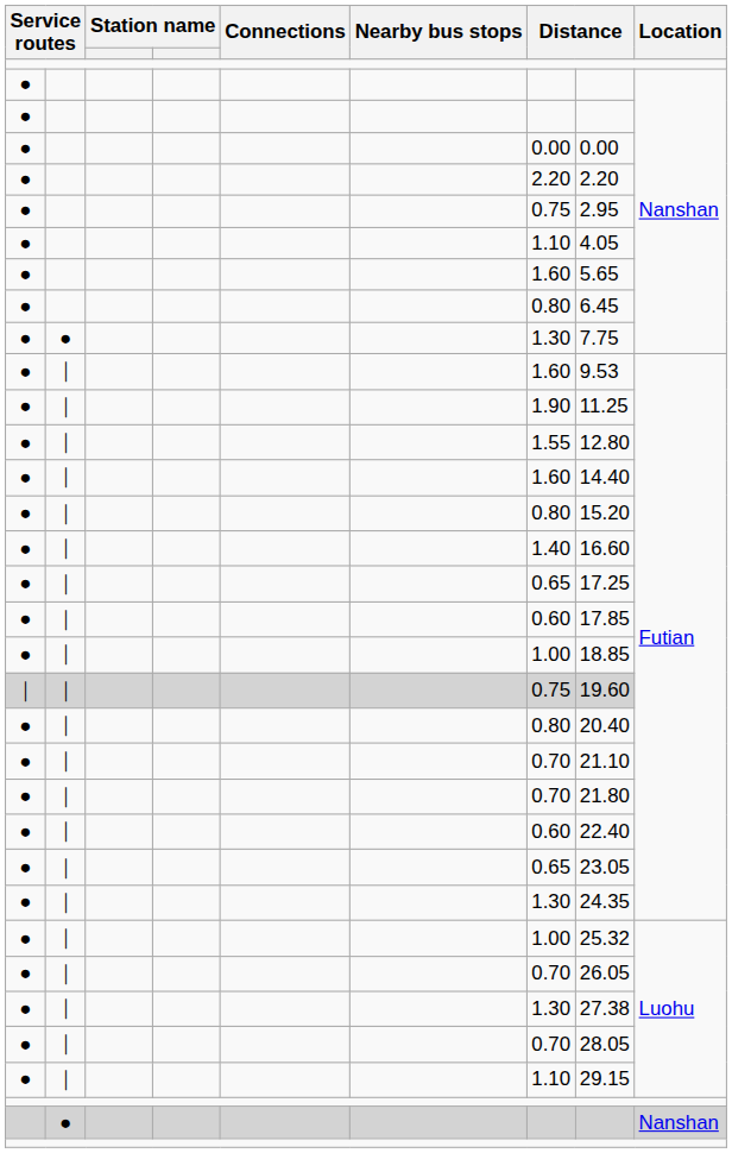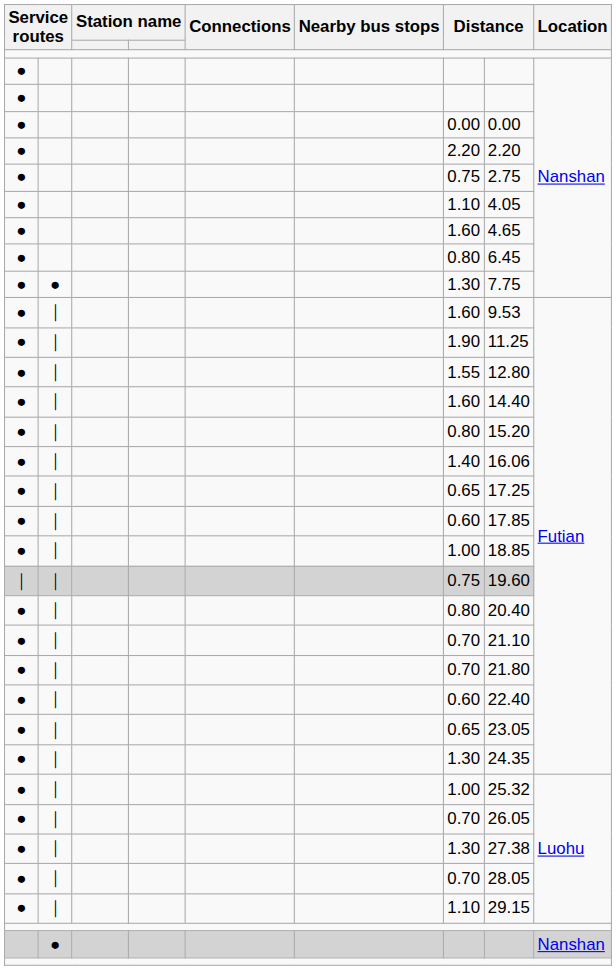 <table class="wikitable">
 <tr>
 <th rowspan="2" colspan="2">Service<br>routes</th>
 <th colspan="2">Station name</th>
 <th rowspan="2">Connections</th>
 <th rowspan="2">Nearby bus stops</th>
 <th colspan="2" rowspan="2">Distance<br></th>
 <th rowspan="2">Location</th>
 </tr>
 <tr>
 <th></th>
 <th></th>
 </tr>
 <tr style="background:#">
 <td colspan="9"></td>
 </tr>
 <tr>
 <td align="center">●</td>
 <td align="center"></td>
 <td></td>
 <td></td>
 <td></td>
 <td></td>
 <td></td>
 <td></td>
 <td rowspan="9"><a href='#'>Nanshan</a></td>
 </tr>
 <tr>
 <td align="center">●</td>
 <td align="center"></td>
 <td></td>
 <td></td>
 <td></td>
 <td></td>
 <td></td>
 <td></td>
 </tr>
 <tr>
 <td align="center">●</td>
 <td align="center"></td>
 <td></td>
 <td></td>
 <td></td>
 <td></td>
 <td>0.00</td>
 <td>0.00</td>
 </tr>
 <tr>
 <td align="center">●</td>
 <td align="center"></td>
 <td></td>
 <td></td>
 <td></td>
 <td></td>
 <td>2.20</td>
 <td>2.20</td>
 </tr>
 <tr>
 <td align="center">●</td>
 <td align="center"></td>
 <td></td>
 <td></td>
 <td></td>
 <td></td>
 <td>0.75</td>
-<td>2.95</td>
+<td>2.75</td>
 </tr>
 <tr>
 <td align="center">●</td>
 <td align="center"></td>
 <td></td>
 <td></td>
 <td></td>
 <td></td>
 <td>1.10</td>
 <td>4.05</td>
 </tr>
 <tr>
 <td align="center">●</td>
 <td align="center"></td>
 <td></td>
 <td></td>
 <td></td>
 <td></td>
 <td>1.60</td>
-<td>5.65</td>
+<td>4.65</td>
 </tr>
 <tr>
 <td align="center">●</td>
 <td align="center"></td>
 <td></td>
 <td></td>
 <td></td>
 <td></td>
 <td>0.80</td>
 <td>6.45</td>
 </tr>
 <tr>
 <td align="center">●</td>
 <td align="center">●</td>
 <td></td>
 <td></td>
 <td></td>
 <td></td>
 <td>1.30</td>
 <td>7.75</td>
 </tr>
 <tr>
 <td align="center">●</td>
 <td align="center">｜</td>
 <td></td>
 <td></td>
 <td></td>
 <td></td>
 <td>1.60</td>
 <td>9.53</td>
 <td rowspan="16"><a href='#'>Futian</a></td>
 </tr>
 <tr>
 <td align="center">●</td>
 <td align="center">｜</td>
 <td></td>
 <td></td>
 <td></td>
 <td></td>
 <td>1.90</td>
 <td>11.25</td>
 </tr>
 <tr>
 <td align="center">●</td>
 <td align="center">｜</td>
 <td></td>
 <td></td>
 <td>  </td>
 <td></td>
 <td>1.55</td>
 <td>12.80</td>
 </tr>
 <tr>
 <td align="center">●</td>
 <td align="center">｜</td>
 <td></td>
 <td></td>
 <td></td>
 <td></td>
 <td>1.60</td>
 <td>14.40</td>
 </tr>
 <tr>
 <td align="center">●</td>
 <td align="center">｜</td>
 <td></td>
 <td></td>
 <td></td>
 <td></td>
 <td>0.80</td>
 <td>15.20</td>
 </tr>
 <tr>
 <td align="center">●</td>
 <td align="center">｜</td>
 <td></td>
 <td></td>
 <td></td>
 <td></td>
 <td>1.40</td>
-<td>16.60</td>
+<td>16.06</td>
 </tr>
 <tr>
 <td align="center">●</td>
 <td align="center">｜</td>
 <td></td>
 <td></td>
 <td></td>
 <td></td>
 <td>0.65</td>
 <td>17.25</td>
 </tr>
 <tr>
 <td align="center">●</td>
 <td align="center">｜</td>
 <td></td>
 <td></td>
 <td> </td>
 <td></td>
 <td>0.60</td>
 <td>17.85</td>
 </tr>
 <tr>
 <td align="center">●</td>
 <td align="center">｜</td>
 <td></td>
 <td></td>
 <td></td>
 <td></td>
 <td>1.00</td>
 <td>18.85</td>
 </tr>
 <tr bgcolor="lightgrey">
 <td align="center">｜</td>
 <td align="center">｜</td>
 <td><em></em></td>
 <td></td>
 <td></td>
 <td></td>
 <td>0.75</td>
 <td>19.60</td>
 </tr>
 <tr>
 <td align="center">●</td>
 <td align="center">｜</td>
 <td></td>
 <td></td>
 <td></td>
 <td></td>
 <td>0.80</td>
 <td>20.40</td>
 </tr>
 <tr>
 <td align="center">●</td>
 <td align="center">｜</td>
 <td></td>
 <td></td>
 <td></td>
 <td></td>
 <td>0.70</td>
 <td>21.10</td>
 </tr>
 <tr>
 <td align="center">●</td>
 <td align="center">｜</td>
 <td></td>
 <td></td>
 <td></td>
 <td></td>
 <td>0.70</td>
 <td>21.80</td>
 </tr>
 <tr>
 <td align="center">●</td>
 <td align="center">｜</td>
 <td></td>
 <td></td>
 <td></td>
 <td></td>
 <td>0.60</td>
 <td>22.40</td>
 </tr>
 <tr>
 <td align="center">●</td>
 <td align="center">｜</td>
 <td></td>
 <td></td>
 <td></td>
 <td></td>
 <td>0.65</td>
 <td>23.05</td>
 </tr>
 <tr>
 <td align="center">●</td>
 <td align="center">｜</td>
 <td></td>
 <td></td>
 <td></td>
 <td></td>
 <td>1.30</td>
 <td>24.35</td>
 </tr>
 <tr>
 <td align="center">●</td>
 <td align="center">｜</td>
 <td></td>
 <td></td>
 <td></td>
 <td></td>
 <td>1.00</td>
 <td>25.32</td>
 <td rowspan="5"><a href='#'>Luohu</a></td>
 </tr>
 <tr>
 <td align="center">●</td>
 <td align="center">｜</td>
 <td></td>
 <td></td>
 <td></td>
 <td></td>
 <td>0.70</td>
 <td>26.05</td>
 </tr>
 <tr>
 <td align="center">●</td>
 <td align="center">｜</td>
 <td></td>
 <td></td>
 <td></td>
 <td></td>
 <td>1.30</td>
 <td>27.38</td>
 </tr>
 <tr>
 <td align="center">●</td>
 <td align="center">｜</td>
 <td></td>
 <td></td>
 <td></td>
 <td></td>
 <td>0.70</td>
 <td>28.05</td>
 </tr>
 <tr>
 <td align="center">●</td>
 <td align="center">｜</td>
 <td></td>
 <td></td>
 <td></td>
 <td></td>
 <td>1.10</td>
 <td>29.15</td>
 </tr>
 <tr style="background:#">
 <td colspan="9"></td>
 </tr>
 <tr bgcolor="lightgrey">
 <td align="center"></td>
 <td align="center">●</td>
 <td></td>
 <td></td>
 <td align="center"></td>
 <td align="center"></td>
 <td></td>
 <td></td>
 <td><a href='#'>Nanshan</a></td>
 </tr>
 <tr style="background:#">
 <td colspan="9"></td>
 </tr>
 </table>
